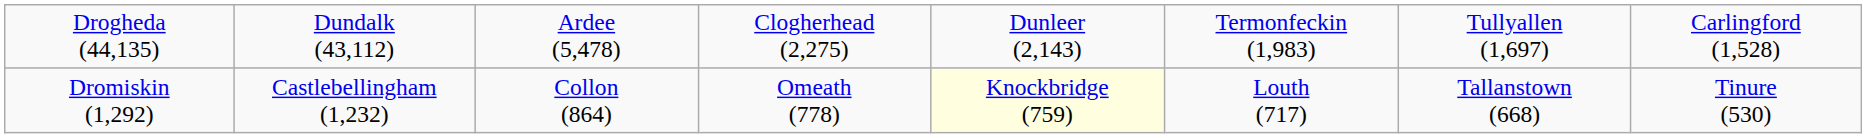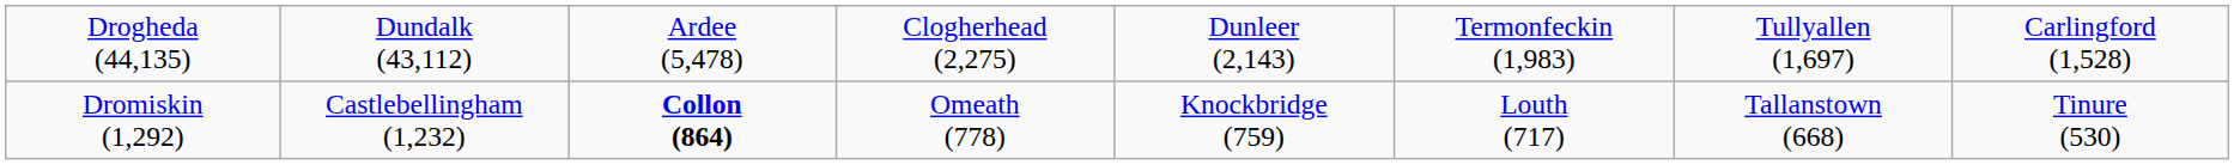 <table class="wikitable" style="margin-left: auto; margin-right: auto; border: none;">
 <tr style="text-align:center;">
 <td style="width:125pt;"><a href='#'>Drogheda</a><br>(44,135)</td>
 <td style="width:125pt;"><a href='#'>Dundalk</a><br>(43,112)</td>
 <td style="width:125pt;"><a href='#'>Ardee</a><br>(5,478)</td>
 <td style="width:125pt;"><a href='#'>Clogherhead</a><br>(2,275)</td>
 <td style="width:125pt;"><a href='#'>Dunleer</a><br>(2,143)</td>
 <td style="width:125pt;"><a href='#'>Termonfeckin</a><br>(1,983)</td>
 <td style="width:125pt;"><a href='#'>Tullyallen</a><br>(1,697)</td>
 <td style="width:125pt;"><a href='#'>Carlingford</a><br>(1,528)</td>
 </tr>
 <tr style="text-align:center;">
 <td><a href='#'>Dromiskin</a><br>(1,292)</td>
 <td><a href='#'>Castlebellingham</a><br>(1,232)</td>
-<td><a href='#'>Collon</a><br>(864)</td>
+<td><strong><a href='#'>Collon</a><br>(864)</strong></td>
 <td><a href='#'>Omeath</a><br>(778)</td>
-<td style="background: lightyellow;"><a href='#'>Knockbridge</a><br>(759)</td>
+<td><a href='#'>Knockbridge</a><br>(759)</td>
 <td><a href='#'>Louth</a><br>(717)</td>
 <td><a href='#'>Tallanstown</a><br>(668)</td>
 <td><a href='#'>Tinure</a><br>(530)</td>
 </tr>
 <tr style="text-align:center;">
 </tr>
 </table>
